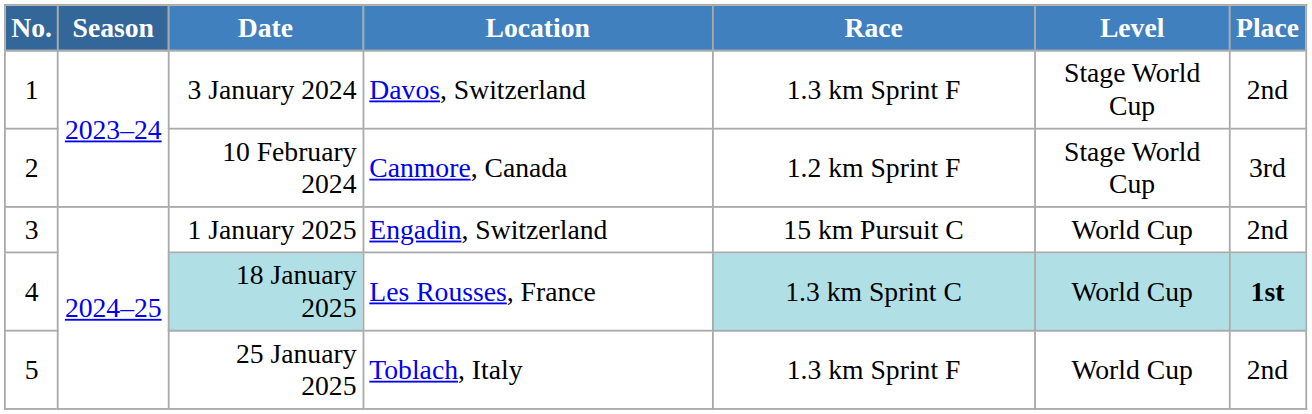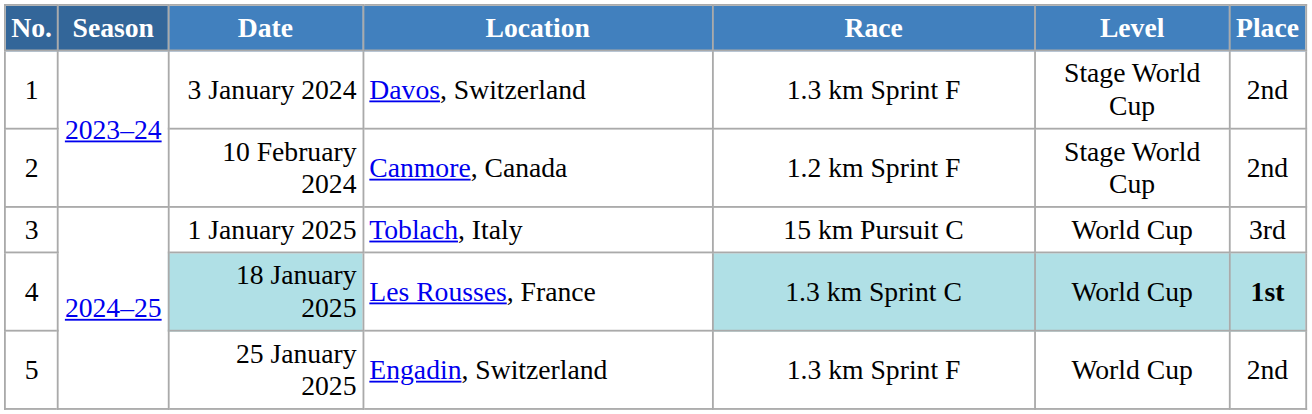 <table class="wikitable sortable" style="font-size:95%; text-align:center; border:grey solid 1px; border-collapse:collapse; background:#ffffff;">
 <tr style="background:#efefef;">
 <th style="background-color:#369; color:white;">No.</th>
 <th style="background-color:#369; color:white;">Season</th>
 <th style="background-color:#4180be; color:white; width:100px;">Date</th>
 <th style="background-color:#4180be; color:white; width:185px;">Location</th>
 <th style="background-color:#4180be; color:white; width:170px;">Race</th>
 <th style="background-color:#4180be; color:white; width:100px;">Level</th>
 <th style="background-color:#4180be; color:white;">Place</th>
 </tr>
 <tr>
 <td align=center>1</td>
 <td rowspan="2" align="center"><a href='#'>2023–24</a></td>
 <td align=right>3 January 2024</td>
 <td align=left> <a href='#'>Davos</a>, Switzerland</td>
 <td>1.3 km Sprint F</td>
 <td>Stage World Cup</td>
 <td>2nd</td>
 </tr>
 <tr>
 <td align=center>2</td>
 <td align=right>10 February 2024</td>
 <td align=left> <a href='#'>Canmore</a>, Canada</td>
 <td>1.2 km Sprint F</td>
 <td>Stage World Cup</td>
-<td>3rd</td>
+<td>2nd</td>
 </tr>
 <tr>
 <td align=center>3</td>
 <td rowspan="3" align="center"><a href='#'>2024–25</a></td>
 <td align=right>1 January 2025</td>
-<td align=left> <a href='#'>Engadin</a>, Switzerland</td>
+<td align=left> <a href='#'>Toblach</a>, Italy</td>
 <td>15 km Pursuit C</td>
 <td>World Cup</td>
-<td>2nd</td>
+<td>3rd</td>
 </tr>
 <tr>
 <td align=center>4</td>
 <td bgcolor="#BOEOE6" align=right>18 January 2025</td>
 <td align=left> <a href='#'>Les Rousses</a>, France</td>
 <td bgcolor="#BOEOE6">1.3 km Sprint C</td>
 <td bgcolor="#BOEOE6">World Cup</td>
 <td bgcolor="#BOEOE6"><strong>1st</strong></td>
 </tr>
 <tr>
 <td align=center>5</td>
 <td align=right>25 January 2025</td>
-<td align=left> <a href='#'>Toblach</a>, Italy</td>
+<td align=left> <a href='#'>Engadin</a>, Switzerland</td>
 <td>1.3 km Sprint F</td>
 <td>World Cup</td>
 <td>2nd</td>
 </tr>
 </table>
